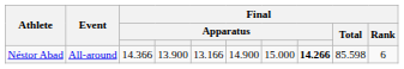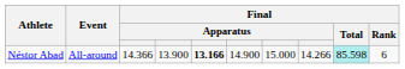 <table class="wikitable" style="font-size:90%">
 <tr>
 <th rowspan=3>Athlete</th>
 <th rowspan=3>Event</th>
 <th colspan =8>Final</th>
 </tr>
 <tr style="font-size:95%">
 <th colspan=6>Apparatus</th>
 <th rowspan=2>Total</th>
 <th rowspan=2>Rank</th>
 </tr>
 <tr style="font-size:95%">
 <th></th>
 <th></th>
 <th></th>
 <th></th>
 <th></th>
 <th></th>
 </tr>
 <tr align=center>
 <td align=left><a href='#'>Néstor Abad</a></td>
 <td align=left><a href='#'>All-around</a></td>
 <td>14.366</td>
 <td>13.900</td>
-<td>13.166</td>
+<td><strong>13.166</strong></td>
 <td>14.900</td>
 <td>15.000</td>
-<td><strong>14.266</strong></td>
-<td>85.598</td>
+<td>14.266</td>
+<td style="background: paleturquoise;">85.598</td>
 <td>6</td>
 </tr>
 </table>
